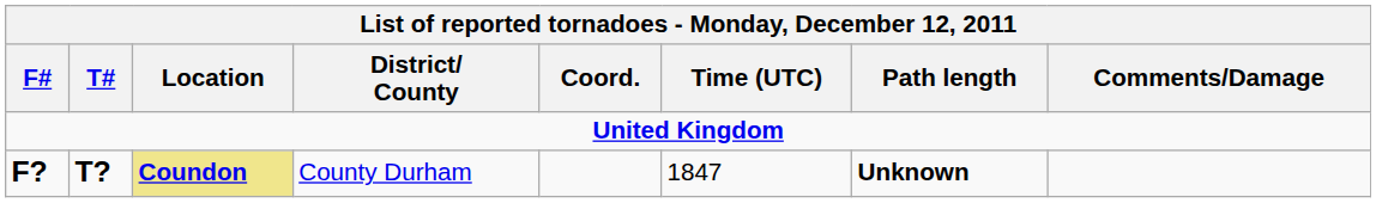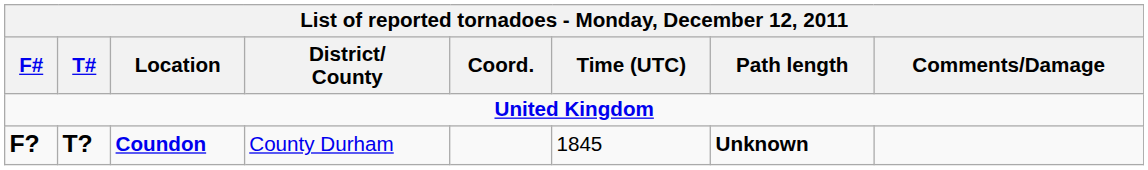 <table class="wikitable collapsible" width="100%">
 <tr>
 <th colspan="8">List of reported tornadoes - Monday, December 12, 2011</th>
 </tr>
 <tr>
 <th><a href='#'>F#</a></th>
 <th><a href='#'>T#</a></th>
 <th>Location</th>
 <th>District/<br>County</th>
 <th>Coord.</th>
 <th>Time (UTC)</th>
 <th>Path length</th>
 <th>Comments/Damage</th>
 </tr>
 <tr>
 <td colspan="8" align=center><strong><a href='#'>United Kingdom</a></strong></td>
 </tr>
 <tr>
 <td><big><strong>F?</strong></big></td>
 <td><big><strong>T?</strong></big></td>
-<td style="background: khaki;"><strong><a href='#'>Coundon</a></strong></td>
+<td><strong><a href='#'>Coundon</a></strong></td>
 <td><a href='#'>County Durham</a></td>
 <td></td>
-<td>1847</td>
+<td>1845</td>
 <td><strong>Unknown</strong></td>
 <td></td>
 </tr>
 </table>
